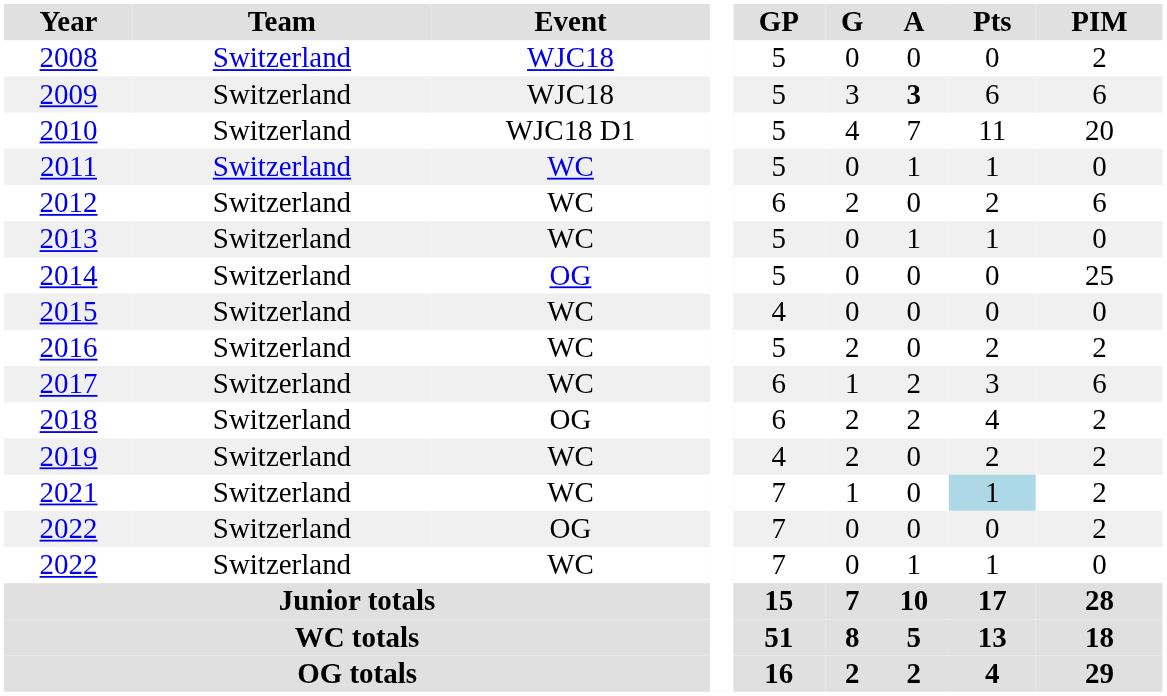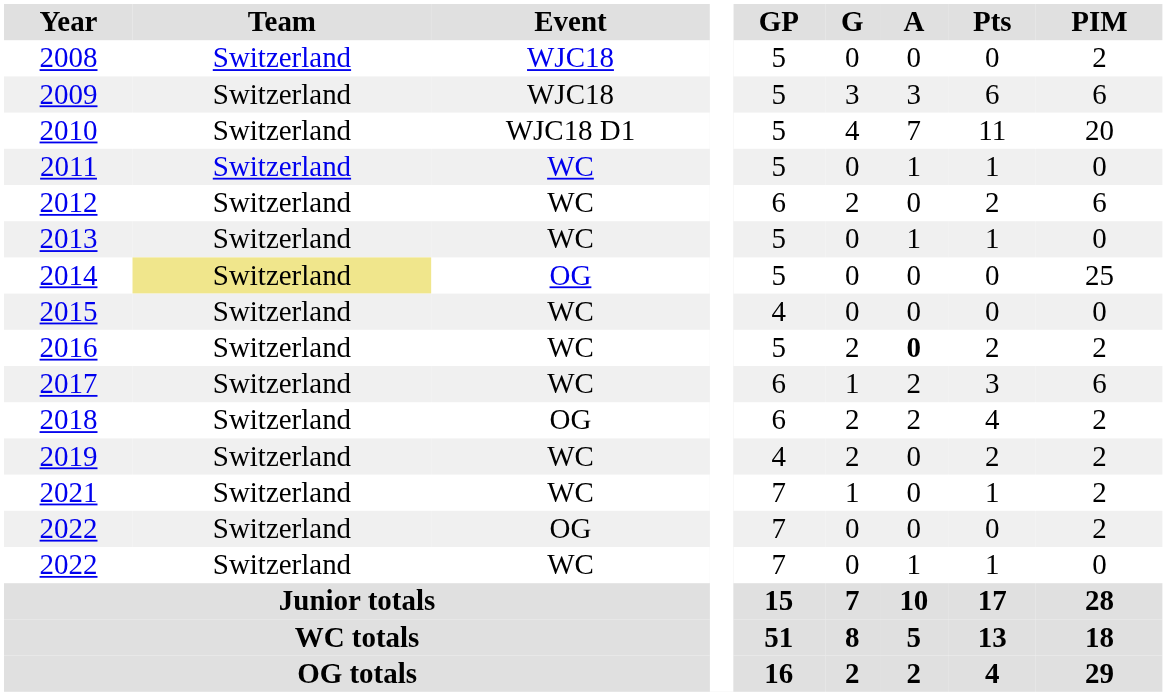 <table border="0" cellpadding="1" cellspacing="0" style="text-align:center; width:40em">
 <tr ALIGN="center" bgcolor="#e0e0e0">
 <th>Year</th>
 <th>Team</th>
 <th>Event</th>
 <th ALIGN="center" rowspan="99" bgcolor="#ffffff"> </th>
 <th>GP</th>
 <th>G</th>
 <th>A</th>
 <th>Pts</th>
 <th>PIM</th>
 </tr>
 <tr>
 <td><a href='#'>2008</a></td>
 <td><a href='#'>Switzerland</a></td>
 <td><a href='#'>WJC18</a></td>
 <td>5</td>
 <td>0</td>
 <td>0</td>
 <td>0</td>
 <td>2</td>
 </tr>
 <tr bgcolor="#f0f0f0">
 <td><a href='#'>2009</a></td>
 <td>Switzerland</td>
 <td>WJC18</td>
 <td>5</td>
 <td>3</td>
-<td><strong>3</strong></td>
+<td>3</td>
 <td>6</td>
 <td>6</td>
 </tr>
 <tr>
 <td><a href='#'>2010</a></td>
 <td>Switzerland</td>
 <td>WJC18 D1</td>
 <td>5</td>
 <td>4</td>
 <td>7</td>
 <td>11</td>
 <td>20</td>
 </tr>
 <tr bgcolor="#f0f0f0">
 <td><a href='#'>2011</a></td>
 <td><a href='#'>Switzerland</a></td>
 <td><a href='#'>WC</a></td>
 <td>5</td>
 <td>0</td>
 <td>1</td>
 <td>1</td>
 <td>0</td>
 </tr>
 <tr>
 <td><a href='#'>2012</a></td>
 <td>Switzerland</td>
 <td>WC</td>
 <td>6</td>
 <td>2</td>
 <td>0</td>
 <td>2</td>
 <td>6</td>
 </tr>
 <tr bgcolor="#f0f0f0">
 <td><a href='#'>2013</a></td>
 <td>Switzerland</td>
 <td>WC</td>
 <td>5</td>
 <td>0</td>
 <td>1</td>
 <td>1</td>
 <td>0</td>
 </tr>
 <tr>
 <td><a href='#'>2014</a></td>
-<td>Switzerland</td>
+<td style="background: khaki;">Switzerland</td>
 <td><a href='#'>OG</a></td>
 <td>5</td>
 <td>0</td>
 <td>0</td>
 <td>0</td>
 <td>25</td>
 </tr>
 <tr bgcolor="#f0f0f0">
 <td><a href='#'>2015</a></td>
 <td>Switzerland</td>
 <td>WC</td>
 <td>4</td>
 <td>0</td>
 <td>0</td>
 <td>0</td>
 <td>0</td>
 </tr>
 <tr>
 <td><a href='#'>2016</a></td>
 <td>Switzerland</td>
 <td>WC</td>
 <td>5</td>
 <td>2</td>
-<td>0</td>
+<td><strong>0</strong></td>
 <td>2</td>
 <td>2</td>
 </tr>
 <tr bgcolor="#f0f0f0">
 <td><a href='#'>2017</a></td>
 <td>Switzerland</td>
 <td>WC</td>
 <td>6</td>
 <td>1</td>
 <td>2</td>
 <td>3</td>
 <td>6</td>
 </tr>
 <tr>
 <td><a href='#'>2018</a></td>
 <td>Switzerland</td>
 <td>OG</td>
 <td>6</td>
 <td>2</td>
 <td>2</td>
 <td>4</td>
 <td>2</td>
 </tr>
 <tr bgcolor="#f0f0f0">
 <td><a href='#'>2019</a></td>
 <td>Switzerland</td>
 <td>WC</td>
 <td>4</td>
 <td>2</td>
 <td>0</td>
 <td>2</td>
 <td>2</td>
 </tr>
 <tr>
 <td><a href='#'>2021</a></td>
 <td>Switzerland</td>
 <td>WC</td>
 <td>7</td>
 <td>1</td>
 <td>0</td>
-<td style="background: lightblue;">1</td>
+<td>1</td>
 <td>2</td>
 </tr>
 <tr bgcolor="#f0f0f0">
 <td><a href='#'>2022</a></td>
 <td>Switzerland</td>
 <td>OG</td>
 <td>7</td>
 <td>0</td>
 <td>0</td>
 <td>0</td>
 <td>2</td>
 </tr>
 <tr>
 <td><a href='#'>2022</a></td>
 <td>Switzerland</td>
 <td>WC</td>
 <td>7</td>
 <td>0</td>
 <td>1</td>
 <td>1</td>
 <td>0</td>
 </tr>
 <tr bgcolor="#e0e0e0">
 <th colspan="3">Junior totals</th>
 <th>15</th>
 <th>7</th>
 <th>10</th>
 <th>17</th>
 <th>28</th>
 </tr>
 <tr bgcolor="#e0e0e0">
 <th colspan="3">WC totals</th>
 <th>51</th>
 <th>8</th>
 <th>5</th>
 <th>13</th>
 <th>18</th>
 </tr>
 <tr bgcolor="#e0e0e0">
 <th colspan="3">OG totals</th>
 <th>16</th>
 <th>2</th>
 <th>2</th>
 <th>4</th>
 <th>29</th>
 </tr>
 </table>
